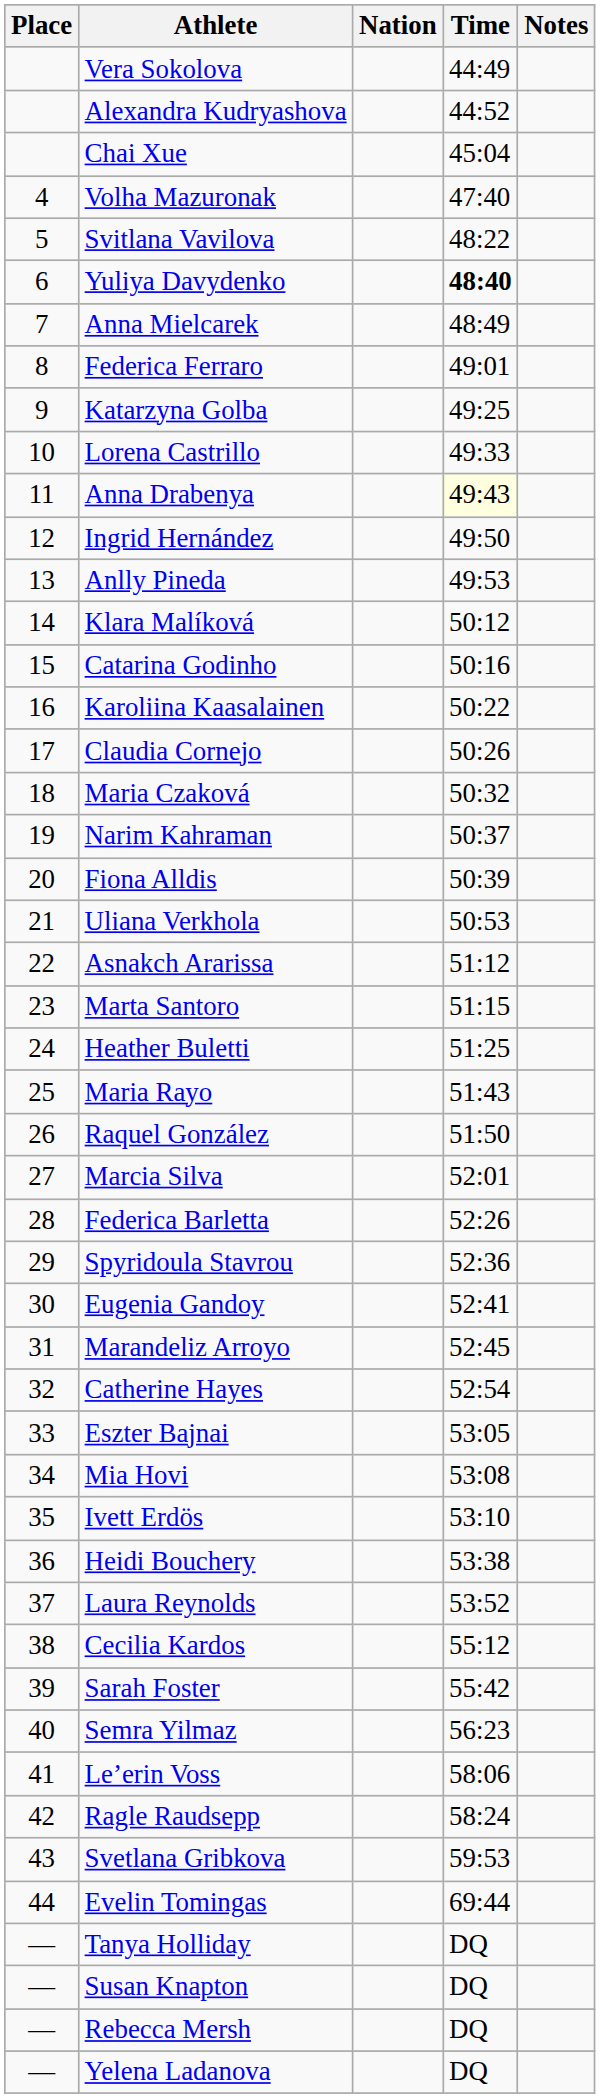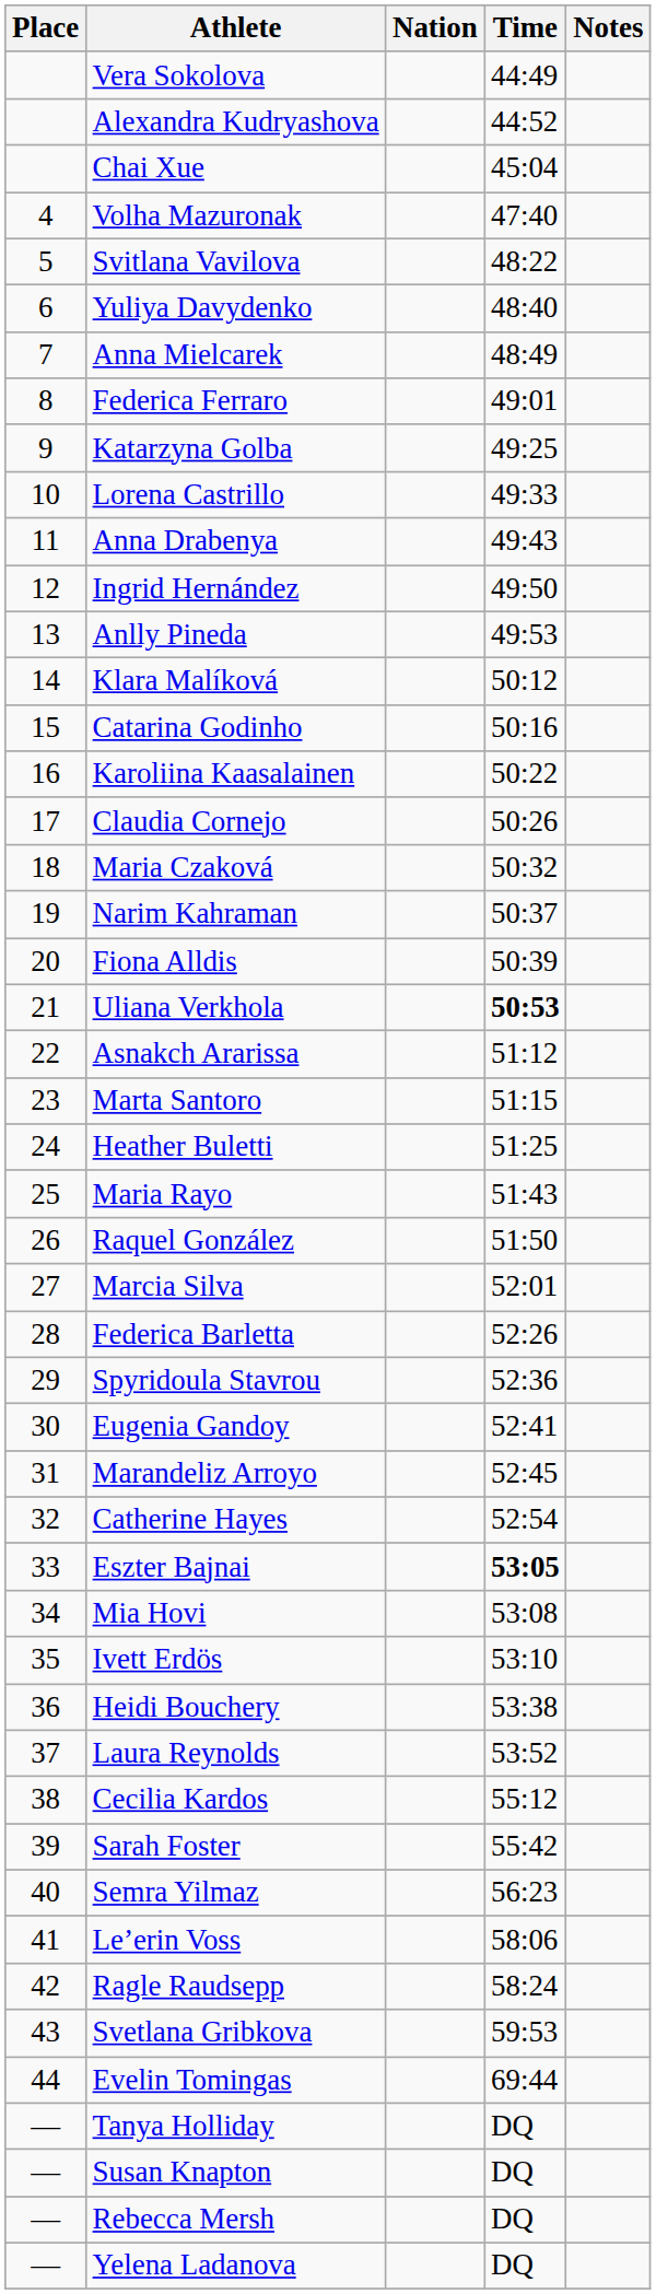 <table class=wikitable>
 <tr>
 <th>Place</th>
 <th>Athlete</th>
 <th>Nation</th>
 <th>Time</th>
 <th>Notes</th>
 </tr>
 <tr>
 <td align=center></td>
 <td><a href='#'>Vera Sokolova</a></td>
 <td></td>
 <td>44:49</td>
 <td></td>
 </tr>
 <tr>
 <td align=center></td>
 <td><a href='#'>Alexandra Kudryashova</a></td>
 <td></td>
 <td>44:52</td>
 <td></td>
 </tr>
 <tr>
 <td align=center></td>
 <td><a href='#'>Chai Xue</a></td>
 <td></td>
 <td>45:04</td>
 <td></td>
 </tr>
 <tr>
 <td align=center>4</td>
 <td><a href='#'>Volha Mazuronak</a></td>
 <td></td>
 <td>47:40</td>
 <td></td>
 </tr>
 <tr>
 <td align=center>5</td>
 <td><a href='#'>Svitlana Vavilova</a></td>
 <td></td>
 <td>48:22</td>
 <td></td>
 </tr>
 <tr>
 <td align=center>6</td>
 <td><a href='#'>Yuliya Davydenko</a></td>
 <td></td>
-<td><strong>48:40</strong></td>
+<td>48:40</td>
 <td></td>
 </tr>
 <tr>
 <td align=center>7</td>
 <td><a href='#'>Anna Mielcarek</a></td>
 <td></td>
 <td>48:49</td>
 <td></td>
 </tr>
 <tr>
 <td align=center>8</td>
 <td><a href='#'>Federica Ferraro</a></td>
 <td></td>
 <td>49:01</td>
 <td></td>
 </tr>
 <tr>
 <td align=center>9</td>
 <td><a href='#'>Katarzyna Golba</a></td>
 <td></td>
 <td>49:25</td>
 <td></td>
 </tr>
 <tr>
 <td align=center>10</td>
 <td><a href='#'>Lorena Castrillo</a></td>
 <td></td>
 <td>49:33</td>
 <td></td>
 </tr>
 <tr>
 <td align=center>11</td>
 <td><a href='#'>Anna Drabenya</a></td>
 <td></td>
-<td style="background: lightyellow;">49:43</td>
+<td>49:43</td>
 <td></td>
 </tr>
 <tr>
 <td align=center>12</td>
 <td><a href='#'>Ingrid Hernández</a></td>
 <td></td>
 <td>49:50</td>
 <td></td>
 </tr>
 <tr>
 <td align=center>13</td>
 <td><a href='#'>Anlly Pineda</a></td>
 <td></td>
 <td>49:53</td>
 <td></td>
 </tr>
 <tr>
 <td align=center>14</td>
 <td><a href='#'>Klara Malíková</a></td>
 <td></td>
 <td>50:12</td>
 <td></td>
 </tr>
 <tr>
 <td align=center>15</td>
 <td><a href='#'>Catarina Godinho</a></td>
 <td></td>
 <td>50:16</td>
 <td></td>
 </tr>
 <tr>
 <td align=center>16</td>
 <td><a href='#'>Karoliina Kaasalainen</a></td>
 <td></td>
 <td>50:22</td>
 <td></td>
 </tr>
 <tr>
 <td align=center>17</td>
 <td><a href='#'>Claudia Cornejo</a></td>
 <td></td>
 <td>50:26</td>
 <td></td>
 </tr>
 <tr>
 <td align=center>18</td>
 <td><a href='#'>Maria Czaková</a></td>
 <td></td>
 <td>50:32</td>
 <td></td>
 </tr>
 <tr>
 <td align=center>19</td>
 <td><a href='#'>Narim Kahraman</a></td>
 <td></td>
 <td>50:37</td>
 <td></td>
 </tr>
 <tr>
 <td align=center>20</td>
 <td><a href='#'>Fiona Alldis</a></td>
 <td></td>
 <td>50:39</td>
 <td></td>
 </tr>
 <tr>
 <td align=center>21</td>
 <td><a href='#'>Uliana Verkhola</a></td>
 <td></td>
-<td>50:53</td>
+<td><strong>50:53</strong></td>
 <td></td>
 </tr>
 <tr>
 <td align=center>22</td>
 <td><a href='#'>Asnakch Ararissa</a></td>
 <td></td>
 <td>51:12</td>
 <td></td>
 </tr>
 <tr>
 <td align=center>23</td>
 <td><a href='#'>Marta Santoro</a></td>
 <td></td>
 <td>51:15</td>
 <td></td>
 </tr>
 <tr>
 <td align=center>24</td>
 <td><a href='#'>Heather Buletti</a></td>
 <td></td>
 <td>51:25</td>
 <td></td>
 </tr>
 <tr>
 <td align=center>25</td>
 <td><a href='#'>Maria Rayo</a></td>
 <td></td>
 <td>51:43</td>
 <td></td>
 </tr>
 <tr>
 <td align=center>26</td>
 <td><a href='#'>Raquel González</a></td>
 <td></td>
 <td>51:50</td>
 <td></td>
 </tr>
 <tr>
 <td align=center>27</td>
 <td><a href='#'>Marcia Silva</a></td>
 <td></td>
 <td>52:01</td>
 <td></td>
 </tr>
 <tr>
 <td align=center>28</td>
 <td><a href='#'>Federica Barletta</a></td>
 <td></td>
 <td>52:26</td>
 <td></td>
 </tr>
 <tr>
 <td align=center>29</td>
 <td><a href='#'>Spyridoula Stavrou</a></td>
 <td></td>
 <td>52:36</td>
 <td></td>
 </tr>
 <tr>
 <td align=center>30</td>
 <td><a href='#'>Eugenia Gandoy</a></td>
 <td></td>
 <td>52:41</td>
 <td></td>
 </tr>
 <tr>
 <td align=center>31</td>
 <td><a href='#'>Marandeliz Arroyo</a></td>
 <td></td>
 <td>52:45</td>
 <td></td>
 </tr>
 <tr>
 <td align=center>32</td>
 <td><a href='#'>Catherine Hayes</a></td>
 <td></td>
 <td>52:54</td>
 <td></td>
 </tr>
 <tr>
 <td align=center>33</td>
 <td><a href='#'>Eszter Bajnai</a></td>
 <td></td>
-<td>53:05</td>
+<td><strong>53:05</strong></td>
 <td></td>
 </tr>
 <tr>
 <td align=center>34</td>
 <td><a href='#'>Mia Hovi</a></td>
 <td></td>
 <td>53:08</td>
 <td></td>
 </tr>
 <tr>
 <td align=center>35</td>
 <td><a href='#'>Ivett Erdös</a></td>
 <td></td>
 <td>53:10</td>
 <td></td>
 </tr>
 <tr>
 <td align=center>36</td>
 <td><a href='#'>Heidi Bouchery</a></td>
 <td></td>
 <td>53:38</td>
 <td></td>
 </tr>
 <tr>
 <td align=center>37</td>
 <td><a href='#'>Laura Reynolds</a></td>
 <td></td>
 <td>53:52</td>
 <td></td>
 </tr>
 <tr>
 <td align=center>38</td>
 <td><a href='#'>Cecilia Kardos</a></td>
 <td></td>
 <td>55:12</td>
 <td></td>
 </tr>
 <tr>
 <td align=center>39</td>
 <td><a href='#'>Sarah Foster</a></td>
 <td></td>
 <td>55:42</td>
 <td></td>
 </tr>
 <tr>
 <td align=center>40</td>
 <td><a href='#'>Semra Yilmaz</a></td>
 <td></td>
 <td>56:23</td>
 <td></td>
 </tr>
 <tr>
 <td align=center>41</td>
 <td><a href='#'>Leʼerin Voss</a></td>
 <td></td>
 <td>58:06</td>
 <td></td>
 </tr>
 <tr>
 <td align=center>42</td>
 <td><a href='#'>Ragle Raudsepp</a></td>
 <td></td>
 <td>58:24</td>
 <td></td>
 </tr>
 <tr>
 <td align=center>43</td>
 <td><a href='#'>Svetlana Gribkova</a></td>
 <td></td>
 <td>59:53</td>
 <td></td>
 </tr>
 <tr>
 <td align=center>44</td>
 <td><a href='#'>Evelin Tomingas</a></td>
 <td></td>
 <td>69:44</td>
 <td></td>
 </tr>
 <tr>
 <td align=center>—</td>
 <td><a href='#'>Tanya Holliday</a></td>
 <td></td>
 <td>DQ</td>
 <td></td>
 </tr>
 <tr>
 <td align=center>—</td>
 <td><a href='#'>Susan Knapton</a></td>
 <td></td>
 <td>DQ</td>
 <td></td>
 </tr>
 <tr>
 <td align=center>—</td>
 <td><a href='#'>Rebecca Mersh</a></td>
 <td></td>
 <td>DQ</td>
 <td></td>
 </tr>
 <tr>
 <td align=center>—</td>
 <td><a href='#'>Yelena Ladanova</a></td>
 <td></td>
 <td>DQ</td>
 <td></td>
 </tr>
 </table>
